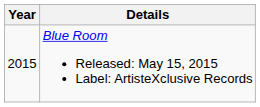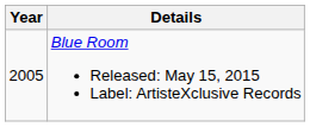 <table class=wikitable style=text-align:center;>
 <tr>
 <th>Year</th>
 <th>Details</th>
 </tr>
 <tr>
-<td>2015</td>
+<td>2005</td>
 <td align=left><em><a href='#'>Blue Room</a></em><br><ul><li>Released: May 15, 2015</li><li>Label: ArtisteXclusive Records</li></ul></td>
 </tr>
 </table>
